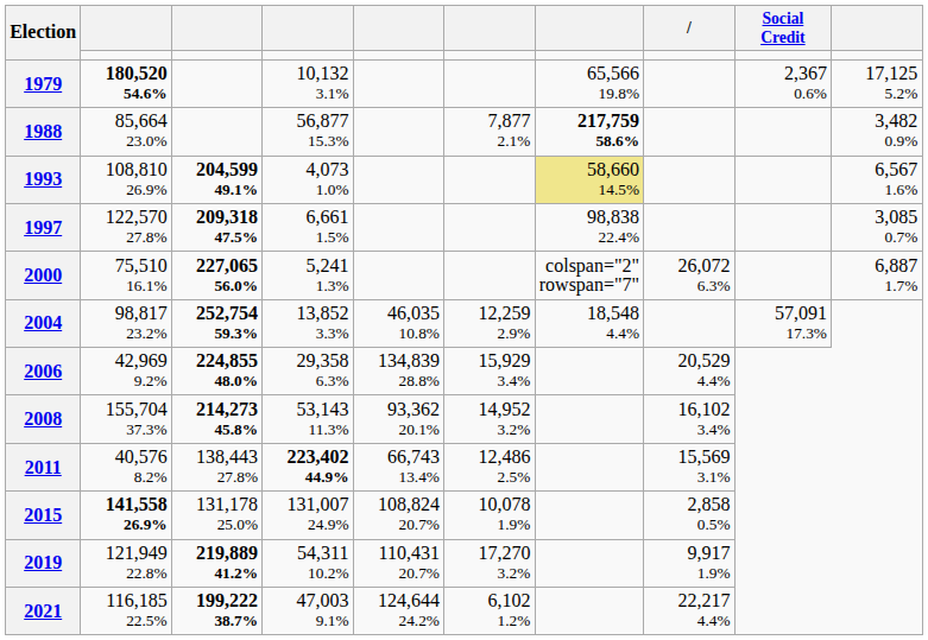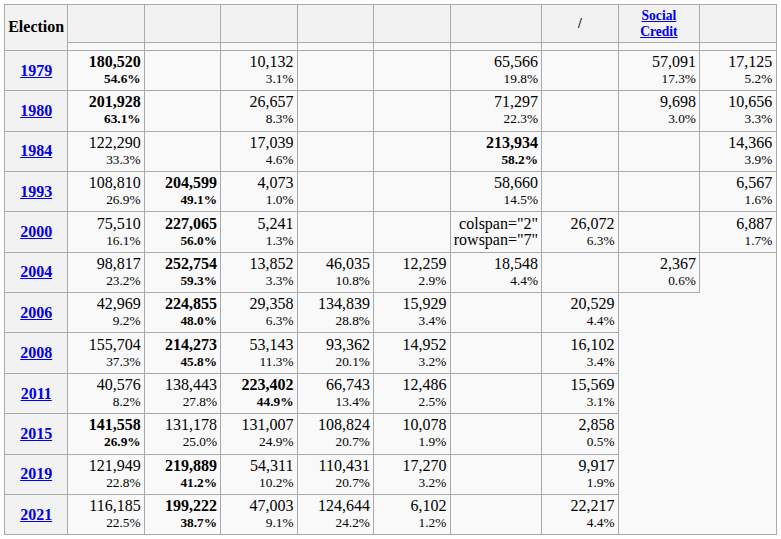 <table class="wikitable" style="text-align:right; line-height:16px">
 <tr>
 <th rowspan="2" width="20">Election</th>
 <th width="70" style="font-size:85%"></th>
 <th width="70" style="font-size:85%"></th>
 <th width="70" style="font-size:85%"></th>
 <th width="70" style="font-size:85%"></th>
 <th width="70" style="font-size:85%"></th>
 <th width="70" style="font-size:85%"></th>
 <th width="70" style="font-size:85%"> /<br></th>
 <th width="75" style="font-size:85%"><a href='#'>Social<br>Credit</a></th>
 <th width="70" style="font-size:85%"></th>
 </tr>
 <tr>
 <td></td>
 <td></td>
 <td></td>
 <td></td>
 <td></td>
 <td></td>
 <td></td>
 <td></td>
 <td></td>
 </tr>
 <tr>
 <th scope="row"><a href='#'>1979</a></th>
 <td><strong>180,520<br><small>54.6%</small></strong></td>
 <td></td>
 <td>10,132<br><small>3.1%</small></td>
 <td></td>
 <td></td>
 <td>65,566<br><small>19.8%</small></td>
 <td></td>
-<td>2,367<br><small>0.6%</small></td>
+<td>57,091<br><small>17.3%</small></td>
 <td>17,125<br><small>5.2%</small></td>
 </tr>
 <tr>
-<th scope="row"><a href='#'>1988</a></th>
-<td>85,664<br><small>23.0%</small></td>
+<th scope="row"><a href='#'>1980</a></th>
+<td><strong>201,928<br><small>63.1%</small></strong></td>
 <td></td>
-<td>56,877<br><small>15.3%</small></td>
-<td></td>
-<td>7,877<br><small>2.1%</small></td>
-<td><strong>217,759<br><small>58.6%</small></strong></td>
+<td>26,657<br><small>8.3%</small></td>
 <td></td>
 <td></td>
-<td>3,482<br><small>0.9%</small></td>
+<td>71,297<br><small>22.3%</small></td>
+<td></td>
+<td>9,698<br><small>3.0%</small></td>
+<td>10,656<br><small>3.3%</small></td>
+</tr>
+<tr>
+<th scope="row"><a href='#'>1984</a></th>
+<td>122,290<br><small>33.3%</small></td>
+<td></td>
+<td>17,039<br><small>4.6%</small></td>
+<td></td>
+<td></td>
+<td><strong>213,934<br><small>58.2%</small></strong></td>
+<td></td>
+<td></td>
+<td>14,366<br><small>3.9%</small></td>
 </tr>
 <tr>
 <th scope="row"><a href='#'>1993</a></th>
 <td>108,810<br><small>26.9%</small></td>
 <td><strong>204,599<br><small>49.1%</small></strong></td>
 <td>4,073<br><small>1.0%</small></td>
 <td></td>
 <td></td>
-<td style="background: khaki;">58,660<br><small>14.5%</small></td>
+<td>58,660<br><small>14.5%</small></td>
 <td></td>
 <td></td>
 <td>6,567<br><small>1.6%</small></td>
-</tr>
-<tr>
-<th scope="row"><a href='#'>1997</a></th>
-<td>122,570<br><small>27.8%</small></td>
-<td><strong>209,318<br><small>47.5%</small></strong></td>
-<td>6,661<br><small>1.5%</small></td>
-<td></td>
-<td></td>
-<td>98,838<br><small>22.4%</small></td>
-<td></td>
-<td></td>
-<td>3,085<br><small>0.7%</small></td>
 </tr>
 <tr>
 <th scope="row"><a href='#'>2000</a></th>
 <td>75,510<br><small>16.1%</small></td>
 <td><strong>227,065<br><small>56.0%</small></strong></td>
 <td>5,241<br><small>1.3%</small></td>
 <td></td>
 <td></td>
 <td>colspan="2" rowspan="7" </td>
 <td>26,072<br><small>6.3%</small></td>
 <td></td>
 <td>6,887<br><small>1.7%</small></td>
 </tr>
 <tr>
 <th scope="row"><a href='#'>2004</a></th>
 <td>98,817<br><small>23.2%</small></td>
 <td><strong>252,754<br><small>59.3%</small></strong></td>
 <td>13,852<br><small>3.3%</small></td>
 <td>46,035<br><small>10.8%</small></td>
 <td>12,259<br><small>2.9%</small></td>
 <td>18,548<br><small>4.4%</small></td>
 <td></td>
-<td>57,091<br><small>17.3%</small></td>
+<td>2,367<br><small>0.6%</small></td>
 </tr>
 <tr>
 <th scope="row"><a href='#'>2006</a></th>
 <td>42,969<br><small>9.2%</small></td>
 <td><strong>224,855<br><small>48.0%</small></strong></td>
 <td>29,358<br><small>6.3%</small></td>
 <td>134,839<br><small>28.8%</small></td>
 <td>15,929<br><small>3.4%</small></td>
 <td></td>
 <td>20,529<br><small>4.4%</small></td>
 </tr>
 <tr>
 <th scope="row"><a href='#'>2008</a></th>
 <td>155,704<br><small>37.3%</small></td>
 <td><strong>214,273<br><small>45.8%</small></strong></td>
 <td>53,143<br><small>11.3%</small></td>
 <td>93,362<br><small>20.1%</small></td>
 <td>14,952<br><small>3.2%</small></td>
 <td></td>
 <td>16,102<br><small>3.4%</small></td>
 </tr>
 <tr>
 <th scope="row"><a href='#'>2011</a></th>
 <td>40,576<br><small>8.2%</small></td>
 <td>138,443<br><small>27.8%</small></td>
 <td><strong>223,402<br><small>44.9%</small></strong></td>
 <td>66,743<br><small>13.4%</small></td>
 <td>12,486<br><small>2.5%</small></td>
 <td></td>
 <td>15,569<br><small>3.1%</small></td>
 </tr>
 <tr>
 <th scope="row"><a href='#'>2015</a></th>
 <td><strong>141,558<br><small>26.9%</small></strong></td>
 <td>131,178<br><small>25.0%</small></td>
 <td>131,007<br><small>24.9%</small></td>
 <td>108,824<br><small>20.7%</small></td>
 <td>10,078<br><small>1.9%</small></td>
 <td></td>
 <td>2,858<br><small>0.5%</small></td>
 </tr>
 <tr>
 <th scope="row"><a href='#'>2019</a></th>
 <td>121,949<br><small>22.8%</small></td>
 <td><strong>219,889<br><small>41.2%</small></strong></td>
 <td>54,311<br><small>10.2%</small></td>
 <td>110,431<br><small>20.7%</small></td>
 <td>17,270<br><small>3.2%</small></td>
 <td></td>
 <td>9,917<br><small>1.9%</small></td>
 </tr>
 <tr>
 <th scope="row"><a href='#'>2021</a></th>
 <td>116,185<br><small>22.5%</small></td>
 <td><strong>199,222<br><small>38.7%</small></strong></td>
 <td>47,003<br><small>9.1%</small></td>
 <td>124,644<br><small>24.2%</small></td>
 <td>6,102<br><small>1.2%</small></td>
 <td></td>
 <td>22,217<br><small>4.4%</small></td>
 </tr>
 </table>
